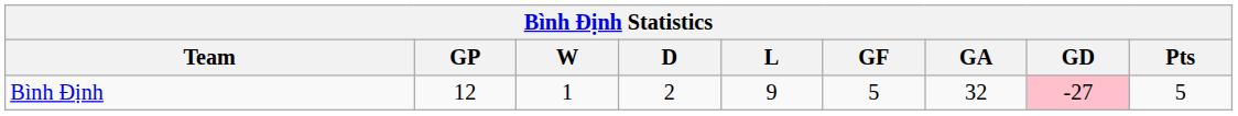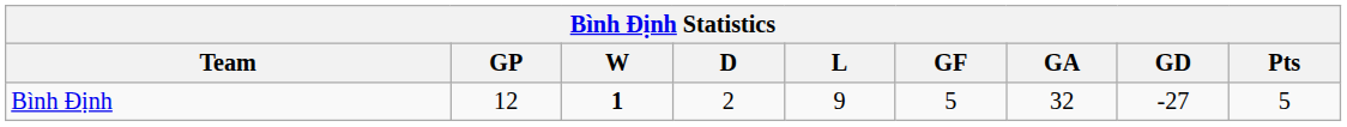 <table width=70% class="wikitable" style="text-align:center;">
 <tr>
 <th colspan=9><a href='#'>Bình Định</a> Statistics</th>
 </tr>
 <tr>
 <th width=20%>Team</th>
 <th width=5%>GP</th>
 <th width=5%>W</th>
 <th width=5%>D</th>
 <th width=5%>L</th>
 <th width=5%>GF</th>
 <th width=5%>GA</th>
 <th width=5%>GD</th>
 <th width=5%>Pts</th>
 </tr>
 <tr>
 <td style="text-align:left;"> <a href='#'>Bình Định</a></td>
 <td>12</td>
-<td>1</td>
+<td><strong>1</strong></td>
 <td>2</td>
 <td>9</td>
 <td>5</td>
 <td>32</td>
-<td style="background: pink;">-27</td>
+<td>-27</td>
 <td>5</td>
 </tr>
 </table>
